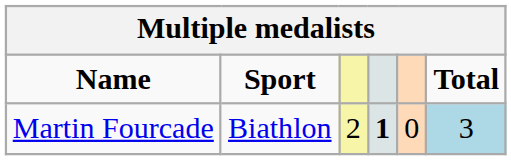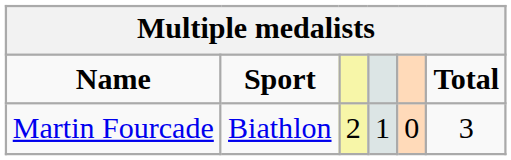 <table class="wikitable" style="font-size:85%; float:right;">
 <tr style="background:#efefef;">
 <th colspan=7><strong>Multiple medalists</strong></th>
 </tr>
 <tr align=center>
 <td><strong>Name</strong></td>
 <td><strong>Sport</strong></td>
 <td bgcolor=#f7f6a8></td>
 <td bgcolor=#dce5e5></td>
 <td bgcolor=#ffdab9></td>
 <td><strong>Total</strong></td>
 </tr>
 <tr align=center>
 <td><a href='#'>Martin Fourcade</a></td>
 <td><a href='#'>Biathlon</a></td>
 <td style="background:#f7f6a8;">2</td>
-<td style="background:#dce5e5;"><strong>1</strong></td>
+<td style="background:#dce5e5;">1</td>
 <td style="background:#ffdab9;">0</td>
-<td style="background: lightblue;">3</td>
+<td>3</td>
 </tr>
 </table>
